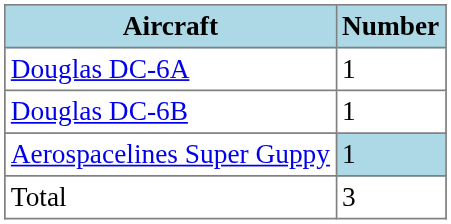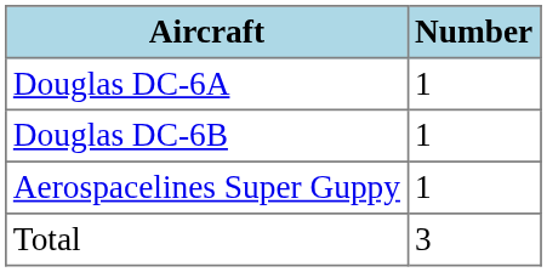 <table class="toccolours" border="1" cellpadding="3" style="border-collapse:collapse">
 <tr style="background:lightblue;">
 <th>Aircraft</th>
 <th>Number</th>
 </tr>
 <tr>
 <td><a href='#'>Douglas DC-6A</a></td>
 <td>1</td>
 </tr>
 <tr>
 <td><a href='#'>Douglas DC-6B</a></td>
 <td>1</td>
 </tr>
 <tr>
 <td><a href='#'>Aerospacelines Super Guppy</a></td>
-<td style="background: lightblue;">1</td>
+<td>1</td>
 </tr>
 <tr>
 <td>Total</td>
 <td>3</td>
 </tr>
 </table>
